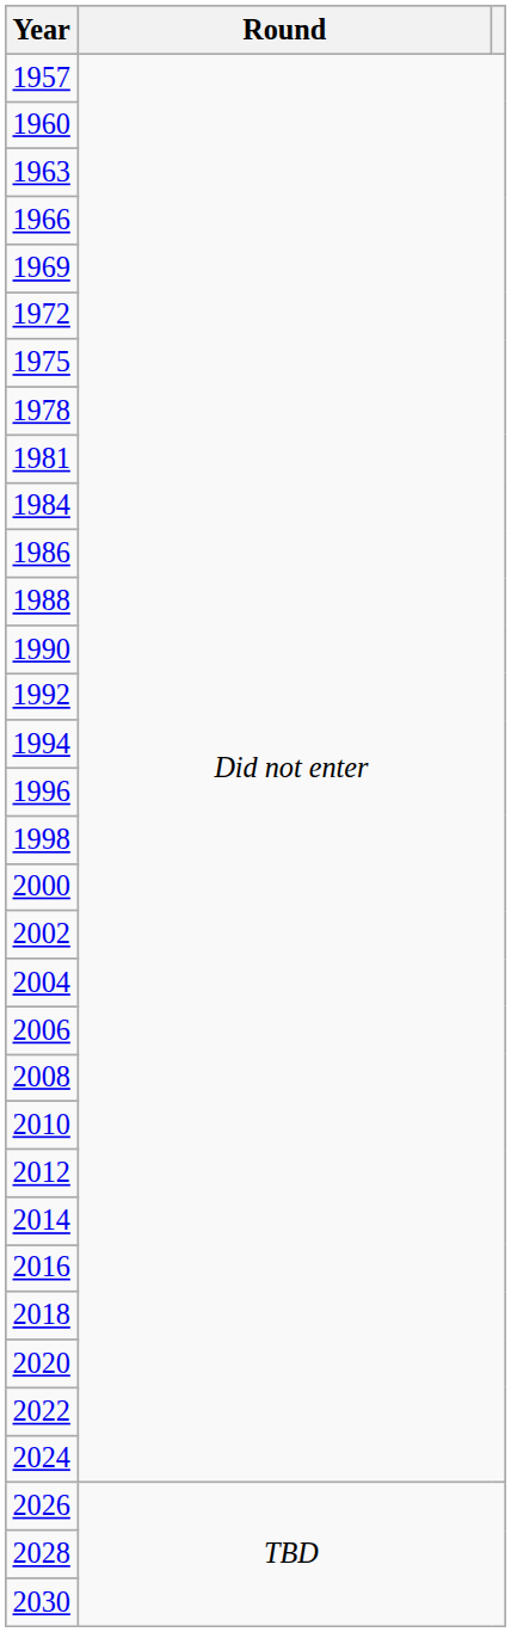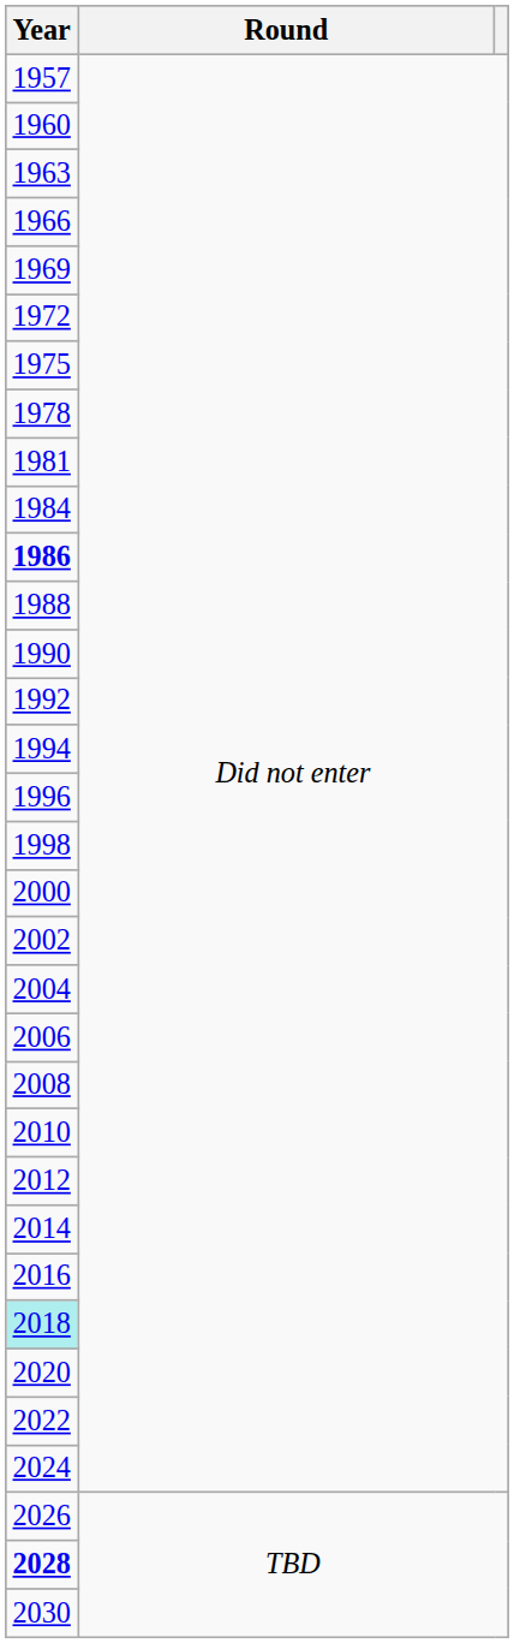 <table class="wikitable" style="text-align: center; font-size:90%">
 <tr>
 <th>Year</th>
 <th style="width:200px">Round</th>
 <th></th>
 </tr>
 <tr>
 <td><a href='#'>1957</a></td>
 <td colspan="2" rowspan="30"><em>Did not enter</em></td>
 </tr>
 <tr>
 <td><a href='#'>1960</a></td>
 </tr>
 <tr>
 <td><a href='#'>1963</a></td>
 </tr>
 <tr>
 <td><a href='#'>1966</a></td>
 </tr>
 <tr>
 <td><a href='#'>1969</a></td>
 </tr>
 <tr>
 <td><a href='#'>1972</a></td>
 </tr>
 <tr>
 <td><a href='#'>1975</a></td>
 </tr>
 <tr>
 <td><a href='#'>1978</a></td>
 </tr>
 <tr>
 <td><a href='#'>1981</a></td>
 </tr>
 <tr>
 <td><a href='#'>1984</a></td>
 </tr>
 <tr>
-<td><a href='#'>1986</a></td>
+<td><strong><a href='#'>1986</a></strong></td>
 </tr>
 <tr>
 <td><a href='#'>1988</a></td>
 </tr>
 <tr>
 <td><a href='#'>1990</a></td>
 </tr>
 <tr>
 <td><a href='#'>1992</a></td>
 </tr>
 <tr>
 <td><a href='#'>1994</a></td>
 </tr>
 <tr>
 <td><a href='#'>1996</a></td>
 </tr>
 <tr>
 <td><a href='#'>1998</a></td>
 </tr>
 <tr>
 <td><a href='#'>2000</a></td>
 </tr>
 <tr>
 <td><a href='#'>2002</a></td>
 </tr>
 <tr>
 <td><a href='#'>2004</a></td>
 </tr>
 <tr>
 <td><a href='#'>2006</a></td>
 </tr>
 <tr>
 <td><a href='#'>2008</a></td>
 </tr>
 <tr>
 <td><a href='#'>2010</a></td>
 </tr>
 <tr>
 <td><a href='#'>2012</a></td>
 </tr>
 <tr>
 <td><a href='#'>2014</a></td>
 </tr>
 <tr>
 <td><a href='#'>2016</a></td>
 </tr>
 <tr>
-<td><a href='#'>2018</a></td>
+<td style="background: paleturquoise;"><a href='#'>2018</a></td>
 </tr>
 <tr>
 <td><a href='#'>2020</a></td>
 </tr>
 <tr>
 <td><a href='#'>2022</a></td>
 </tr>
 <tr>
 <td><a href='#'>2024</a></td>
 </tr>
 <tr>
 <td><a href='#'>2026</a></td>
 <td colspan="2" rowspan="3"><em>TBD</em></td>
 </tr>
 <tr>
-<td><a href='#'>2028</a></td>
+<td><strong><a href='#'>2028</a></strong></td>
 </tr>
 <tr>
 <td><a href='#'>2030</a></td>
 </tr>
 </table>
